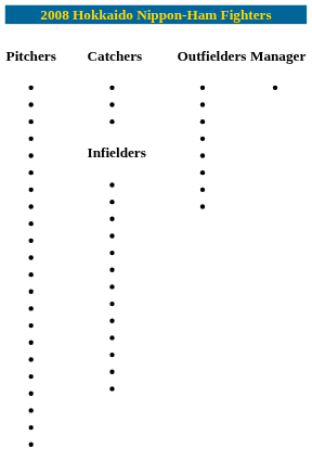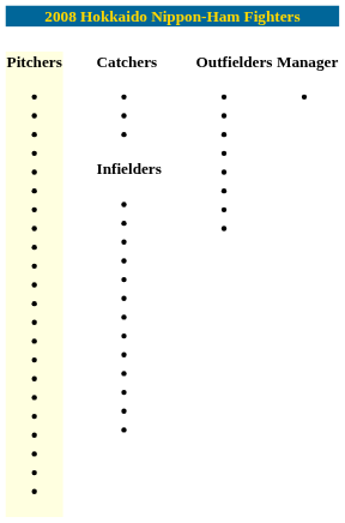 <table class="toccolours" style="font-size: 95%;">
 <tr>
 <th colspan="10" style="background-color: #006699; color: gold; text-align: center;">2008 Hokkaido Nippon-Ham Fighters</th>
 </tr>
 <tr>
 <td colspan="10" style="background-color: #black; color: white; text-align: center;"><strong>Roster</strong></td>
 </tr>
 <tr>
-<td valign="top"><strong>Pitchers</strong><br><ul><li></li><li></li><li></li><li></li><li></li><li></li><li></li><li></li><li></li><li></li><li></li><li></li><li></li><li></li><li></li><li></li><li></li><li></li><li></li><li></li><li></li><li></li></ul></td>
+<td valign="top" style="background: lightyellow;"><strong>Pitchers</strong><br><ul><li></li><li></li><li></li><li></li><li></li><li></li><li></li><li></li><li></li><li></li><li></li><li></li><li></li><li></li><li></li><li></li><li></li><li></li><li></li><li></li><li></li><li></li></ul></td>
 <td width="25px"></td>
 <td valign="top"><strong>Catchers</strong><br><ul><li></li><li></li><li></li></ul><strong>Infielders</strong><ul><li></li><li></li><li></li><li></li><li></li><li></li><li></li><li></li><li></li><li></li><li></li><li></li><li></li></ul></td>
 <td width="25px"></td>
 <td valign="top"><strong>Outfielders</strong><br><ul><li></li><li></li><li></li><li></li><li></li><li></li><li></li><li></li></ul></td>
 <td valign="top"><strong>Manager</strong><br><ul><li></li></ul></td>
 </tr>
 </table>
